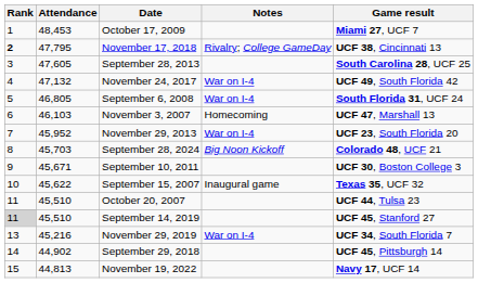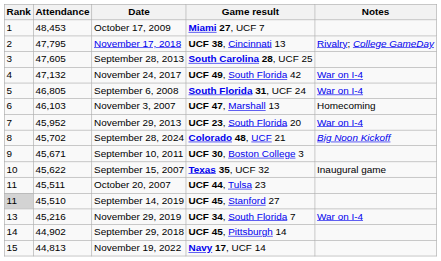 <table class="wikitable sortable">
 <tr>
 <th>Rank</th>
 <th>Attendance</th>
 <th>Date</th>
+<th>Game result</th>
 <th>Notes</th>
-<th>Game result</th>
 </tr>
 <tr>
 <td>1</td>
 <td>48,453</td>
 <td>October 17, 2009</td>
+<td> <strong><a href='#'>Miami</a> 27</strong>, UCF 7</td>
 <td></td>
-<td> <strong><a href='#'>Miami</a> 27</strong>, UCF 7</td>
 </tr>
 <tr>
-<td><strong>2</strong></td>
+<td>2</td>
 <td>47,795</td>
 <td><a href='#'>November 17, 2018</a></td>
+<td> <strong>UCF 38</strong>,  <a href='#'>Cincinnati</a> 13</td>
 <td><a href='#'>Rivalry</a>; <em><a href='#'>College GameDay</a></em></td>
-<td> <strong>UCF 38</strong>,  <a href='#'>Cincinnati</a> 13</td>
 </tr>
 <tr>
 <td>3</td>
 <td>47,605</td>
 <td>September 28, 2013</td>
+<td> <strong><a href='#'>South Carolina</a> 28</strong>, UCF 25</td>
 <td></td>
-<td> <strong><a href='#'>South Carolina</a> 28</strong>, UCF 25</td>
 </tr>
 <tr>
 <td>4</td>
 <td>47,132</td>
 <td>November 24, 2017</td>
+<td> <strong>UCF 49</strong>,  <a href='#'>South Florida</a> 42</td>
 <td><a href='#'>War on I-4</a></td>
-<td> <strong>UCF 49</strong>,  <a href='#'>South Florida</a> 42</td>
 </tr>
 <tr>
 <td>5</td>
 <td>46,805</td>
 <td>September 6, 2008</td>
+<td> <strong><a href='#'>South Florida</a> 31</strong>, UCF 24</td>
 <td><a href='#'>War on I-4</a></td>
-<td> <strong><a href='#'>South Florida</a> 31</strong>, UCF 24</td>
 </tr>
 <tr>
 <td>6</td>
 <td>46,103</td>
 <td>November 3, 2007</td>
+<td><strong>UCF 47</strong>, <a href='#'>Marshall</a> 13</td>
 <td>Homecoming</td>
-<td><strong>UCF 47</strong>, <a href='#'>Marshall</a> 13</td>
 </tr>
 <tr>
 <td>7</td>
 <td>45,952</td>
 <td>November 29, 2013</td>
+<td> <strong>UCF 23</strong>, <a href='#'>South Florida</a> 20</td>
 <td><a href='#'>War on I-4</a></td>
-<td> <strong>UCF 23</strong>, <a href='#'>South Florida</a> 20</td>
 </tr>
 <tr>
 <td>8</td>
-<td>45,703</td>
+<td>45,702</td>
 <td>September 28, 2024</td>
+<td><strong><a href='#'>Colorado</a> 48</strong>, <a href='#'>UCF</a> 21</td>
 <td><em><a href='#'>Big Noon Kickoff</a></em></td>
-<td><strong><a href='#'>Colorado</a> 48</strong>, <a href='#'>UCF</a> 21</td>
 </tr>
 <tr>
 <td>9</td>
 <td>45,671</td>
 <td>September 10, 2011</td>
+<td><strong>UCF 30</strong>, <a href='#'>Boston College</a> 3</td>
 <td></td>
-<td><strong>UCF 30</strong>, <a href='#'>Boston College</a> 3</td>
 </tr>
 <tr>
 <td>10</td>
 <td>45,622</td>
 <td>September 15, 2007</td>
+<td> <strong><a href='#'>Texas</a> 35</strong>, UCF 32</td>
 <td>Inaugural game</td>
-<td> <strong><a href='#'>Texas</a> 35</strong>, UCF 32</td>
 </tr>
 <tr>
 <td>11</td>
-<td>45,510</td>
+<td>45,511</td>
 <td>October 20, 2007</td>
+<td><strong>UCF 44</strong>, <a href='#'>Tulsa</a> 23</td>
 <td></td>
-<td><strong>UCF 44</strong>, <a href='#'>Tulsa</a> 23</td>
 </tr>
 <tr>
 <td style="background: lightgrey;">11</td>
 <td>45,510</td>
 <td>September 14, 2019</td>
+<td><strong>UCF 45</strong>, <a href='#'>Stanford</a> 27</td>
 <td></td>
-<td><strong>UCF 45</strong>, <a href='#'>Stanford</a> 27</td>
 </tr>
 <tr>
 <td>13</td>
 <td>45,216</td>
 <td>November 29, 2019</td>
+<td><strong>UCF 34</strong>, <a href='#'>South Florida</a> 7</td>
 <td><a href='#'>War on I-4</a></td>
-<td><strong>UCF 34</strong>, <a href='#'>South Florida</a> 7</td>
 </tr>
 <tr>
 <td>14</td>
 <td>44,902</td>
 <td>September 29, 2018</td>
+<td> <strong>UCF 45</strong>, <a href='#'>Pittsburgh</a> 14</td>
 <td></td>
-<td> <strong>UCF 45</strong>, <a href='#'>Pittsburgh</a> 14</td>
 </tr>
 <tr>
 <td>15</td>
 <td>44,813</td>
 <td>November 19, 2022</td>
+<td><strong><a href='#'>Navy</a> 17</strong>,  UCF 14</td>
 <td></td>
-<td><strong><a href='#'>Navy</a> 17</strong>,  UCF 14</td>
 </tr>
 </table>
